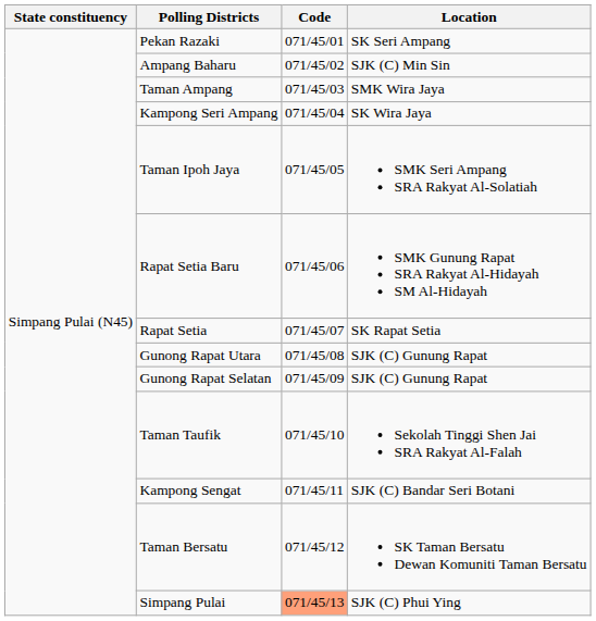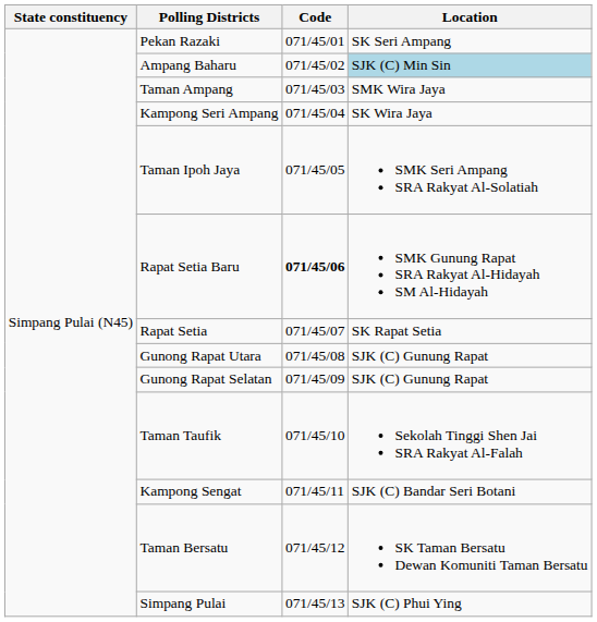 <table class="wikitable sortable mw-collapsible" style="white-space:nowrap;font-size:85%">
 <tr>
 <th>State constituency</th>
 <th>Polling Districts</th>
 <th>Code</th>
 <th>Location</th>
 </tr>
 <tr>
 <td rowspan="13">Simpang Pulai (N45)</td>
 <td>Pekan Razaki</td>
 <td>071/45/01</td>
 <td>SK Seri Ampang</td>
 </tr>
 <tr>
 <td>Ampang Baharu</td>
 <td>071/45/02</td>
-<td>SJK (C) Min Sin</td>
+<td style="background: lightblue;">SJK (C) Min Sin</td>
 </tr>
 <tr>
 <td>Taman Ampang</td>
 <td>071/45/03</td>
 <td>SMK Wira Jaya</td>
 </tr>
 <tr>
 <td>Kampong Seri Ampang</td>
 <td>071/45/04</td>
 <td>SK Wira Jaya</td>
 </tr>
 <tr>
 <td>Taman Ipoh Jaya</td>
 <td>071/45/05</td>
 <td><br><ul><li>SMK Seri Ampang</li><li>SRA Rakyat Al-Solatiah</li></ul></td>
 </tr>
 <tr>
 <td>Rapat Setia Baru</td>
-<td>071/45/06</td>
+<td><strong>071/45/06</strong></td>
 <td><br><ul><li>SMK Gunung Rapat</li><li>SRA Rakyat Al-Hidayah</li><li>SM Al-Hidayah</li></ul></td>
 </tr>
 <tr>
 <td>Rapat Setia</td>
 <td>071/45/07</td>
 <td>SK Rapat Setia</td>
 </tr>
 <tr>
 <td>Gunong Rapat Utara</td>
 <td>071/45/08</td>
 <td>SJK (C) Gunung Rapat</td>
 </tr>
 <tr>
 <td>Gunong Rapat Selatan</td>
 <td>071/45/09</td>
 <td>SJK (C) Gunung Rapat</td>
 </tr>
 <tr>
 <td>Taman Taufik</td>
 <td>071/45/10</td>
 <td><br><ul><li>Sekolah Tinggi Shen Jai</li><li>SRA Rakyat Al-Falah</li></ul></td>
 </tr>
 <tr>
 <td>Kampong Sengat</td>
 <td>071/45/11</td>
 <td>SJK (C) Bandar Seri Botani</td>
 </tr>
 <tr>
 <td>Taman Bersatu</td>
 <td>071/45/12</td>
 <td><br><ul><li>SK Taman Bersatu</li><li>Dewan Komuniti Taman Bersatu</li></ul></td>
 </tr>
 <tr>
 <td>Simpang Pulai</td>
-<td style="background: lightsalmon;">071/45/13</td>
+<td>071/45/13</td>
 <td>SJK (C) Phui Ying</td>
 </tr>
 </table>
